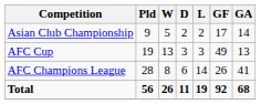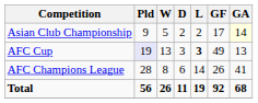 <table class="wikitable">
 <tr>
 <th>Competition</th>
 <th>Pld</th>
 <th>W</th>
 <th>D</th>
 <th>L</th>
 <th>GF</th>
 <th>GA</th>
 </tr>
 <tr>
 <td><a href='#'>Asian Club Championship</a></td>
 <td style="text-align:center;">9</td>
 <td style="text-align:center;">5</td>
 <td style="text-align:center;">2</td>
 <td style="text-align:center;">2</td>
 <td style="text-align:center;">17</td>
-<td style="text-align:center;">14</td>
+<td style="background: lightyellow; text-align:center;">14</td>
 </tr>
 <tr>
 <td><a href='#'>AFC Cup</a></td>
-<td style="text-align:center;">19</td>
+<td style="background: lavender; text-align:center;">19</td>
 <td style="text-align:center;">13</td>
 <td style="text-align:center;">3</td>
-<td style="text-align:center;">3</td>
+<td style="text-align:center;"><strong>3</strong></td>
 <td style="text-align:center;">49</td>
 <td style="text-align:center;">13</td>
 </tr>
 <tr>
 <td><a href='#'>AFC Champions League</a></td>
 <td style="text-align:center;">28</td>
 <td style="text-align:center;">8</td>
 <td style="text-align:center;">6</td>
 <td style="text-align:center;">14</td>
 <td style="text-align:center;">26</td>
 <td style="text-align:center;">41</td>
 </tr>
 <tr>
 <td><strong>Total</strong></td>
 <td style="text-align:center;"><strong>56</strong></td>
 <td style="text-align:center;"><strong>26</strong></td>
 <td style="text-align:center;"><strong>11</strong></td>
 <td style="text-align:center;"><strong>19</strong></td>
 <td style="text-align:center;"><strong>92</strong></td>
 <td style="text-align:center;"><strong>68</strong></td>
 </tr>
 <tr>
 </tr>
 </table>
